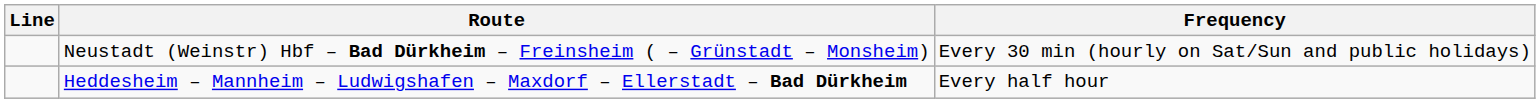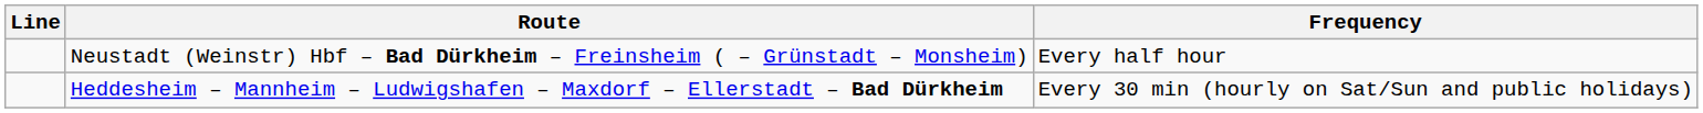 <table class="wikitable">
 <tr>
 <th>Line</th>
 <th>Route</th>
 <th>Frequency</th>
 </tr>
 <tr>
 <td></td>
 <td>Neustadt (Weinstr) Hbf – <strong>Bad Dürkheim</strong>  – <a href='#'>Freinsheim</a> ( – <a href='#'>Grünstadt</a> – <a href='#'>Monsheim</a>)</td>
-<td>Every 30 min (hourly on Sat/Sun and public holidays)</td>
+<td>Every half hour</td>
 </tr>
 <tr>
 <td></td>
 <td><a href='#'>Heddesheim</a> – <a href='#'>Mannheim</a> – <a href='#'>Ludwigshafen</a> – <a href='#'>Maxdorf</a> –  <a href='#'>Ellerstadt</a> – <strong>Bad Dürkheim</strong></td>
-<td>Every half hour</td>
+<td>Every 30 min (hourly on Sat/Sun and public holidays)</td>
 </tr>
 </table>
